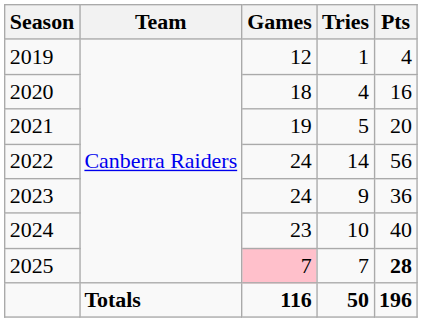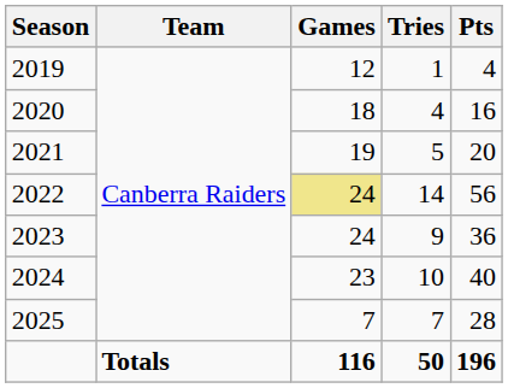 <table class="wikitable">
 <tr>
 <th>Season</th>
 <th>Team</th>
 <th>Games</th>
 <th>Tries</th>
 <th>Pts</th>
 </tr>
 <tr>
 <td>2019</td>
 <td rowspan="7"> <a href='#'>Canberra Raiders</a></td>
 <td align="right">12</td>
 <td align="right">1</td>
 <td align="right">4</td>
 </tr>
 <tr>
 <td>2020</td>
 <td align="right">18</td>
 <td align="right">4</td>
 <td align="right">16</td>
 </tr>
 <tr>
 <td>2021</td>
 <td align="right">19</td>
 <td align="right">5</td>
 <td align="right">20</td>
 </tr>
 <tr>
 <td>2022</td>
-<td align="right">24</td>
+<td align="right" style="background: khaki;">24</td>
 <td align="right">14</td>
 <td align="right">56</td>
 </tr>
 <tr>
 <td>2023</td>
 <td align="right">24</td>
 <td align="right">9</td>
 <td align="right">36</td>
 </tr>
 <tr>
 <td>2024</td>
 <td align="right">23</td>
 <td align="right">10</td>
 <td align="right">40</td>
 </tr>
 <tr>
 <td>2025</td>
-<td align="right" style="background: pink;">7</td>
 <td align="right">7</td>
-<td align="right"><strong>28</strong></td>
+<td align="right">7</td>
+<td align="right">28</td>
 </tr>
 <tr>
 <td></td>
 <td><strong>Totals</strong></td>
 <td align="right"><strong>116</strong></td>
 <td align="right"><strong>50</strong></td>
 <td align="right"><strong>196</strong></td>
 </tr>
 </table>
